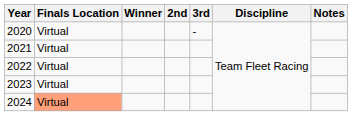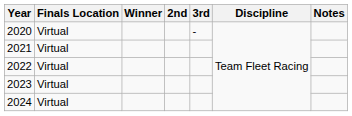 <table class="wikitable">
 <tr>
 <th>Year</th>
 <th>Finals Location</th>
 <th>Winner</th>
 <th>2nd</th>
 <th>3rd</th>
 <th>Discipline</th>
 <th>Notes</th>
 </tr>
 <tr>
 <td>2020</td>
 <td>Virtual</td>
 <td></td>
 <td></td>
 <td>-</td>
 <td rowspan="5">Team Fleet Racing</td>
 <td></td>
 </tr>
 <tr>
 <td>2021</td>
 <td>Virtual</td>
 <td></td>
 <td></td>
 <td></td>
 <td></td>
 </tr>
 <tr>
 <td>2022</td>
 <td>Virtual</td>
 <td></td>
 <td></td>
 <td></td>
 <td></td>
 </tr>
 <tr>
 <td>2023</td>
 <td>Virtual</td>
 <td></td>
 <td></td>
 <td></td>
 <td></td>
 </tr>
 <tr>
 <td>2024</td>
-<td style="background: lightsalmon;">Virtual</td>
+<td>Virtual</td>
 <td></td>
 <td></td>
 <td></td>
 <td></td>
 </tr>
 </table>
